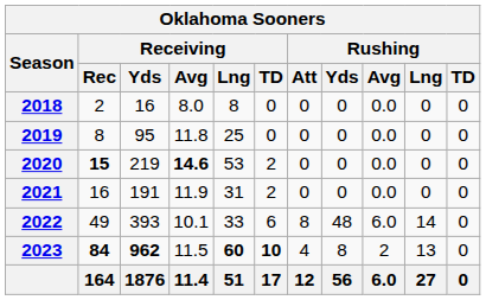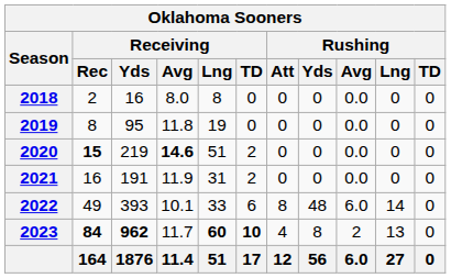 <table class="wikitable" style="text-align:center;">
 <tr>
 <th colspan="11">Oklahoma Sooners</th>
 </tr>
 <tr>
 <th rowspan="2">Season</th>
 <th colspan="5">Receiving</th>
 <th colspan="5">Rushing</th>
 </tr>
 <tr>
 <th>Rec</th>
 <th>Yds</th>
 <th>Avg</th>
 <th>Lng</th>
 <th>TD</th>
 <th>Att</th>
 <th>Yds</th>
 <th>Avg</th>
 <th>Lng</th>
 <th>TD</th>
 </tr>
 <tr>
 <th><a href='#'>2018</a></th>
 <td>2</td>
 <td>16</td>
 <td>8.0</td>
 <td>8</td>
 <td>0</td>
 <td>0</td>
 <td>0</td>
 <td>0.0</td>
 <td>0</td>
 <td>0</td>
 </tr>
 <tr>
 <th><a href='#'>2019</a></th>
 <td>8</td>
 <td>95</td>
 <td>11.8</td>
-<td>25</td>
+<td>19</td>
 <td>0</td>
 <td>0</td>
 <td>0</td>
 <td>0.0</td>
 <td>0</td>
 <td>0</td>
 </tr>
 <tr>
 <th><a href='#'>2020</a></th>
 <td><strong>15</strong></td>
 <td>219</td>
 <td><strong>14.6</strong></td>
-<td>53</td>
+<td>51</td>
 <td>2</td>
 <td>0</td>
 <td>0</td>
 <td>0.0</td>
 <td>0</td>
 <td>0</td>
 </tr>
 <tr>
 <th><a href='#'>2021</a></th>
 <td>16</td>
 <td>191</td>
 <td>11.9</td>
 <td>31</td>
 <td>2</td>
 <td>0</td>
 <td>0</td>
 <td>0.0</td>
 <td>0</td>
 <td>0</td>
 </tr>
 <tr>
 <th><a href='#'>2022</a></th>
 <td>49</td>
 <td>393</td>
 <td>10.1</td>
 <td>33</td>
 <td>6</td>
 <td>8</td>
 <td>48</td>
 <td>6.0</td>
 <td>14</td>
 <td>0</td>
 </tr>
 <tr>
 <th><a href='#'>2023</a></th>
 <td><strong>84</strong></td>
 <td><strong>962</strong></td>
-<td>11.5</td>
+<td>11.7</td>
 <td><strong>60</strong></td>
 <td><strong>10</strong></td>
 <td>4</td>
 <td>8</td>
 <td>2</td>
 <td>13</td>
 <td>0</td>
 </tr>
 <tr>
 <th></th>
 <th>164</th>
 <th>1876</th>
 <th>11.4</th>
 <th>51</th>
 <th>17</th>
 <th>12</th>
 <th>56</th>
 <th>6.0</th>
 <th>27</th>
 <th>0</th>
 </tr>
 </table>
